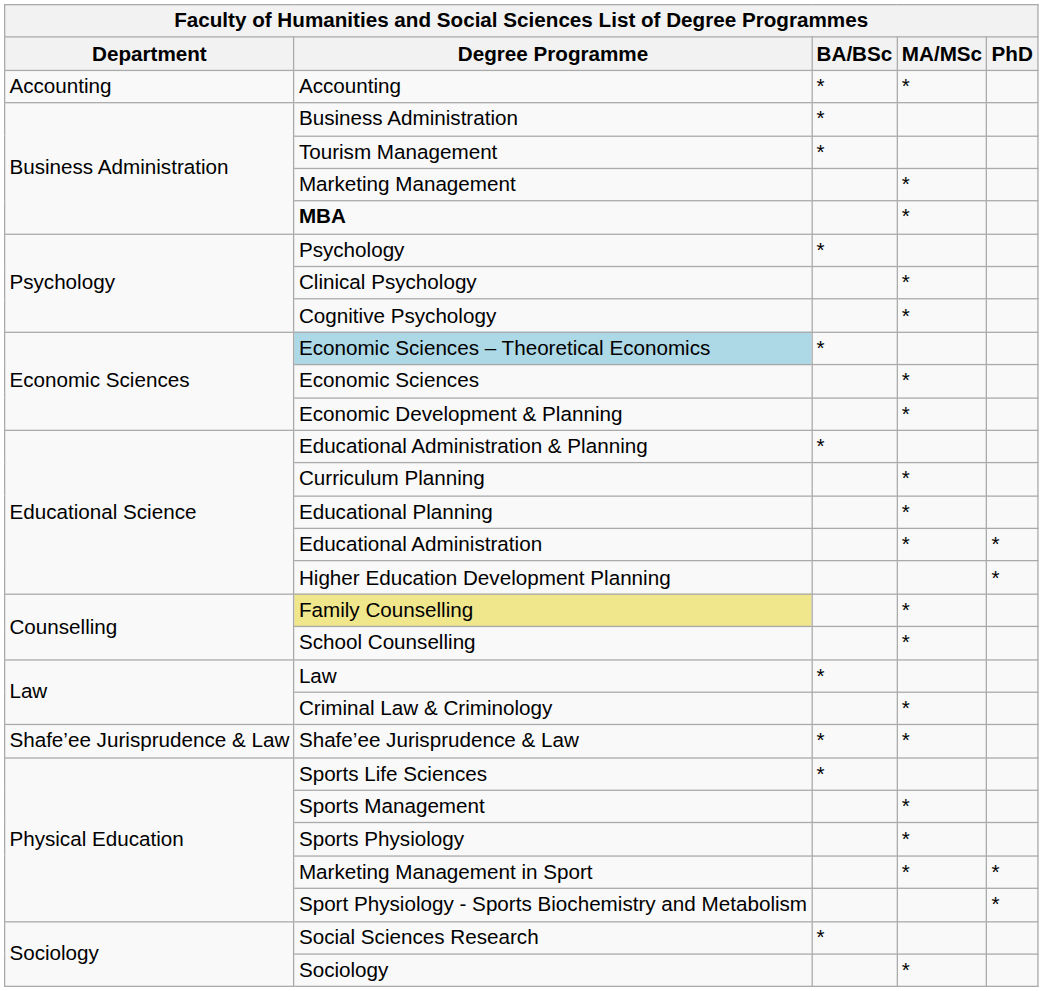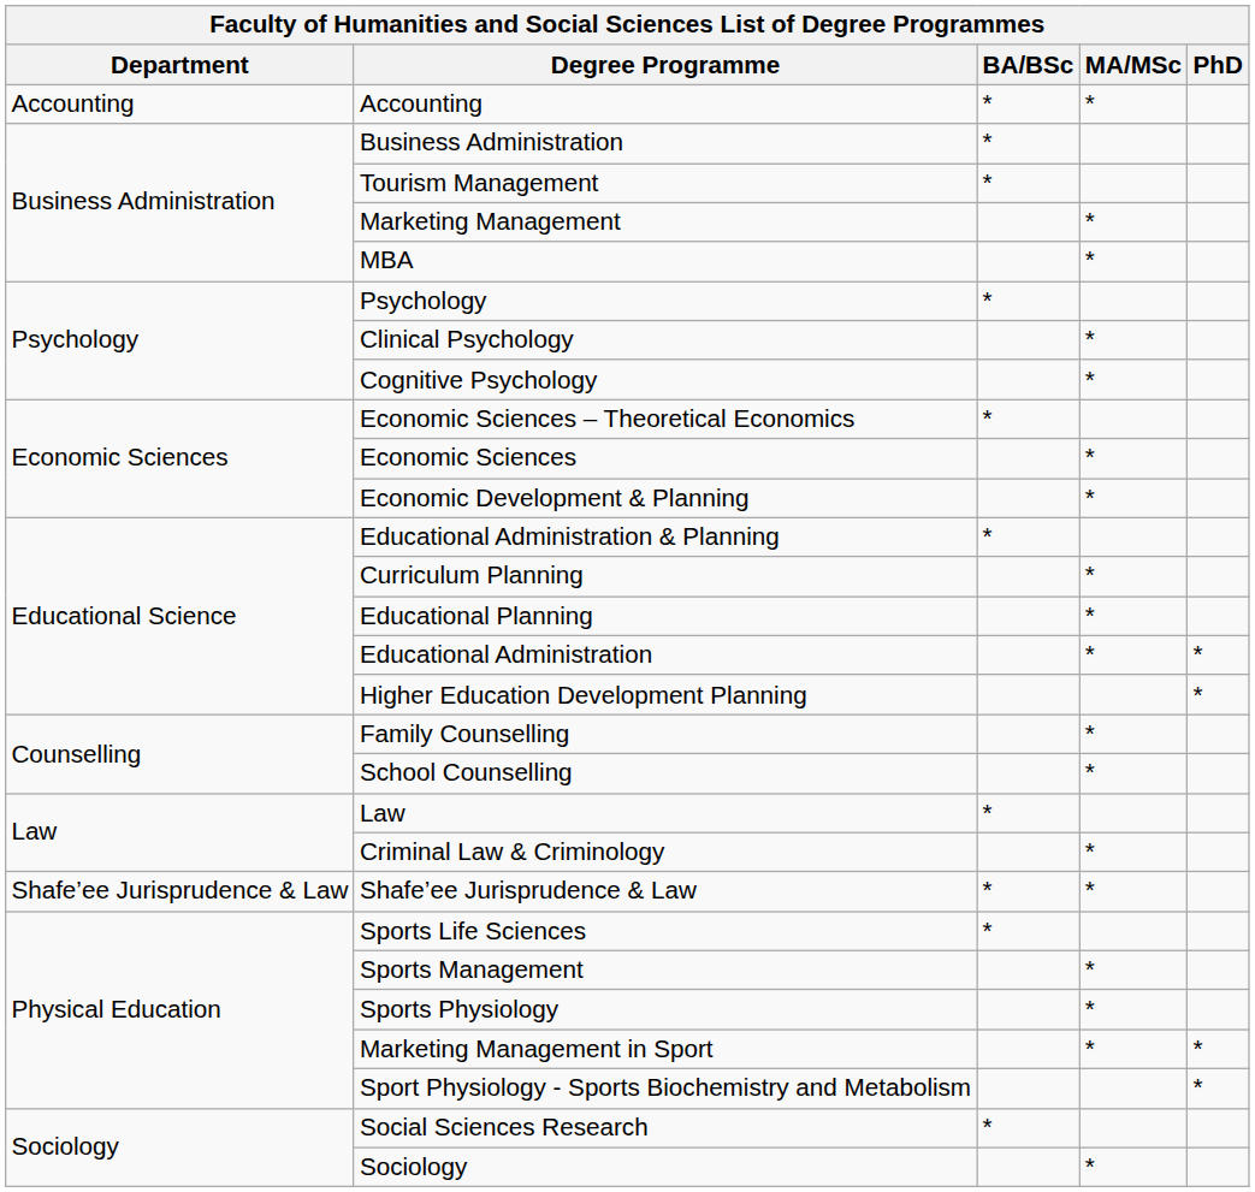 <table class="wikitable">
 <tr>
 <th colspan="5">Faculty of Humanities and Social Sciences List of Degree Programmes</th>
 </tr>
 <tr>
 <th>Department</th>
 <th>Degree Programme</th>
 <th>BA/BSc</th>
 <th>MA/MSc</th>
 <th>PhD</th>
 </tr>
 <tr>
 <td>Accounting</td>
 <td>Accounting</td>
 <td>*</td>
 <td>*</td>
 <td></td>
 </tr>
 <tr>
 <td rowspan="4">Business Administration</td>
 <td>Business Administration</td>
 <td>*</td>
 <td></td>
 <td></td>
 </tr>
 <tr>
 <td>Tourism Management</td>
 <td>*</td>
 <td></td>
 <td></td>
 </tr>
 <tr>
 <td>Marketing Management</td>
 <td></td>
 <td>*</td>
 <td></td>
 </tr>
 <tr>
-<td><strong>MBA</strong></td>
+<td>MBA</td>
 <td></td>
 <td>*</td>
 <td></td>
 </tr>
 <tr>
 <td rowspan="3">Psychology</td>
 <td>Psychology</td>
 <td>*</td>
 <td></td>
 <td></td>
 </tr>
 <tr>
 <td>Clinical Psychology</td>
 <td></td>
 <td>*</td>
 <td></td>
 </tr>
 <tr>
 <td>Cognitive Psychology</td>
 <td></td>
 <td>*</td>
 <td></td>
 </tr>
 <tr>
 <td rowspan="3">Economic Sciences</td>
-<td style="background: lightblue;">Economic Sciences – Theoretical Economics</td>
+<td>Economic Sciences – Theoretical Economics</td>
 <td>*</td>
 <td></td>
 <td></td>
 </tr>
 <tr>
 <td>Economic Sciences</td>
 <td></td>
 <td>*</td>
 <td></td>
 </tr>
 <tr>
 <td>Economic Development & Planning</td>
 <td></td>
 <td>*</td>
 <td></td>
 </tr>
 <tr>
 <td rowspan="5">Educational Science</td>
 <td>Educational Administration & Planning</td>
 <td>*</td>
 <td></td>
 <td></td>
 </tr>
 <tr>
 <td>Curriculum Planning</td>
 <td></td>
 <td>*</td>
 <td></td>
 </tr>
 <tr>
 <td>Educational Planning</td>
 <td></td>
 <td>*</td>
 <td></td>
 </tr>
 <tr>
 <td>Educational Administration</td>
 <td></td>
 <td>*</td>
 <td>*</td>
 </tr>
 <tr>
 <td>Higher Education Development Planning</td>
 <td></td>
 <td></td>
 <td>*</td>
 </tr>
 <tr>
 <td rowspan="2">Counselling</td>
-<td style="background: khaki;">Family Counselling</td>
+<td>Family Counselling</td>
 <td></td>
 <td>*</td>
 <td></td>
 </tr>
 <tr>
 <td>School Counselling</td>
 <td></td>
 <td>*</td>
 <td></td>
 </tr>
 <tr>
 <td rowspan="2">Law</td>
 <td>Law</td>
 <td>*</td>
 <td></td>
 <td></td>
 </tr>
 <tr>
 <td>Criminal Law & Criminology</td>
 <td></td>
 <td>*</td>
 <td></td>
 </tr>
 <tr>
 <td>Shafe’ee Jurisprudence & Law</td>
 <td>Shafe’ee Jurisprudence & Law</td>
 <td>*</td>
 <td>*</td>
 <td></td>
 </tr>
 <tr>
 <td rowspan="5">Physical Education</td>
 <td>Sports Life Sciences</td>
 <td>*</td>
 <td></td>
 <td></td>
 </tr>
 <tr>
 <td>Sports Management</td>
 <td></td>
 <td>*</td>
 <td></td>
 </tr>
 <tr>
 <td>Sports Physiology</td>
 <td></td>
 <td>*</td>
 <td></td>
 </tr>
 <tr>
 <td>Marketing Management in Sport</td>
 <td></td>
 <td>*</td>
 <td>*</td>
 </tr>
 <tr>
 <td>Sport Physiology - Sports Biochemistry and Metabolism</td>
 <td></td>
 <td></td>
 <td>*</td>
 </tr>
 <tr>
 <td rowspan="2">Sociology</td>
 <td>Social Sciences Research</td>
 <td>*</td>
 <td></td>
 <td></td>
 </tr>
 <tr>
 <td>Sociology</td>
 <td></td>
 <td>*</td>
 <td></td>
 </tr>
 </table>
